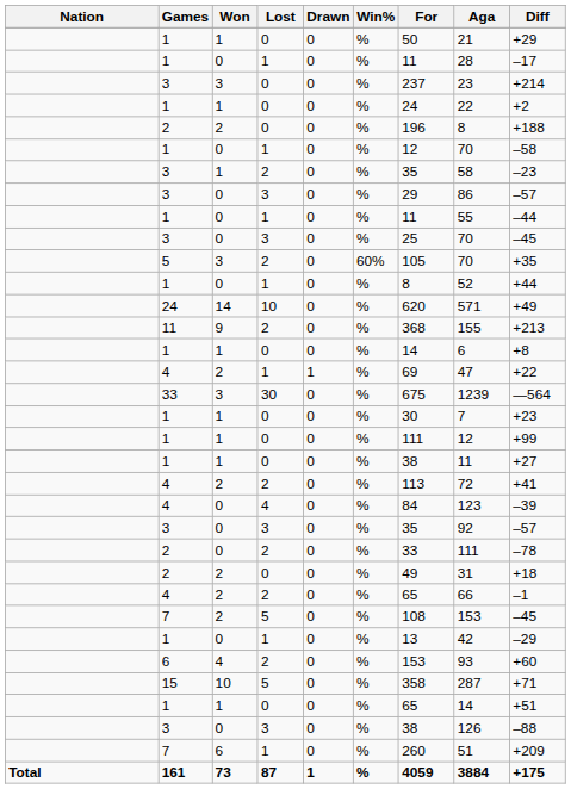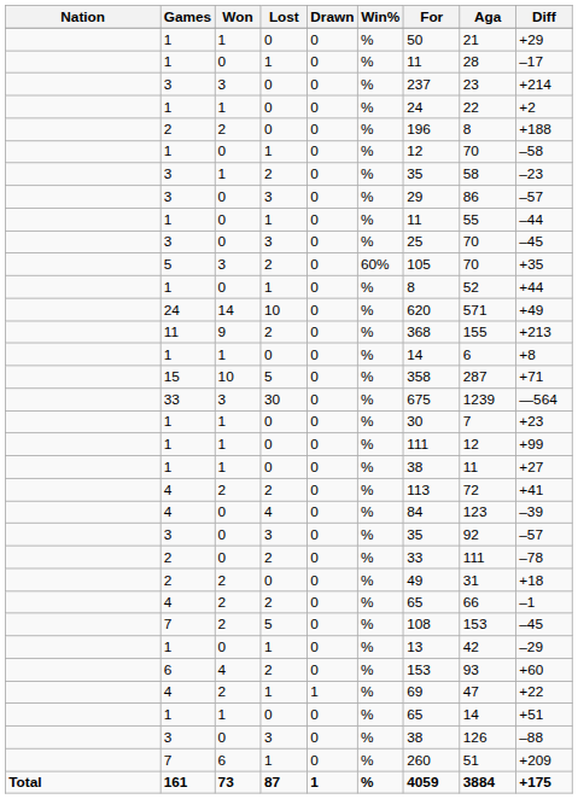 <table class="wikitable sortable" style="font-size:90%">
 <tr>
 <th width="150">Nation</th>
 <th width="40">Games</th>
 <th width="40">Won</th>
 <th width="40">Lost</th>
 <th width="40">Drawn</th>
 <th width="40">Win%</th>
 <th style="width:50px;">For</th>
 <th style="width:50px;">Aga</th>
 <th style="width:50px;">Diff</th>
 </tr>
 <tr bgcolor="#d0ffd0" align="center">
 </tr>
 <tr>
 <td align="left"></td>
 <td>1</td>
 <td>1</td>
 <td>0</td>
 <td>0</td>
 <td>%</td>
 <td>50</td>
 <td>21</td>
 <td>+29</td>
 </tr>
 <tr>
 <td align="left"></td>
 <td>1</td>
 <td>0</td>
 <td>1</td>
 <td>0</td>
 <td>%</td>
 <td>11</td>
 <td>28</td>
 <td>–17</td>
 </tr>
 <tr>
 <td align="left"></td>
 <td>3</td>
 <td>3</td>
 <td>0</td>
 <td>0</td>
 <td>%</td>
 <td>237</td>
 <td>23</td>
 <td>+214</td>
 </tr>
 <tr>
 <td align="left"></td>
 <td>1</td>
 <td>1</td>
 <td>0</td>
 <td>0</td>
 <td>%</td>
 <td>24</td>
 <td>22</td>
 <td>+2</td>
 </tr>
 <tr>
 <td align="left"></td>
 <td>2</td>
 <td>2</td>
 <td>0</td>
 <td>0</td>
 <td>%</td>
 <td>196</td>
 <td>8</td>
 <td>+188</td>
 </tr>
 <tr>
 <td align="left"></td>
 <td>1</td>
 <td>0</td>
 <td>1</td>
 <td>0</td>
 <td>%</td>
 <td>12</td>
 <td>70</td>
 <td>–58</td>
 </tr>
 <tr>
 <td align="left"></td>
 <td>3</td>
 <td>1</td>
 <td>2</td>
 <td>0</td>
 <td>%</td>
 <td>35</td>
 <td>58</td>
 <td>–23</td>
 </tr>
 <tr>
 <td align="left"></td>
 <td>3</td>
 <td>0</td>
 <td>3</td>
 <td>0</td>
 <td>%</td>
 <td>29</td>
 <td>86</td>
 <td>–57</td>
 </tr>
 <tr>
 <td align="left"></td>
 <td>1</td>
 <td>0</td>
 <td>1</td>
 <td>0</td>
 <td>%</td>
 <td>11</td>
 <td>55</td>
 <td>–44</td>
 </tr>
 <tr>
 <td align="left"></td>
 <td>3</td>
 <td>0</td>
 <td>3</td>
 <td>0</td>
 <td>%</td>
 <td>25</td>
 <td>70</td>
 <td>–45</td>
 </tr>
 <tr>
 <td align="left"></td>
 <td>5</td>
 <td>3</td>
 <td>2</td>
 <td>0</td>
 <td>60%</td>
 <td>105</td>
 <td>70</td>
 <td>+35</td>
 </tr>
 <tr>
 <td align="left"></td>
 <td>1</td>
 <td>0</td>
 <td>1</td>
 <td>0</td>
 <td>%</td>
 <td>8</td>
 <td>52</td>
 <td>+44</td>
 </tr>
 <tr>
 <td align="left"></td>
 <td>24</td>
 <td>14</td>
 <td>10</td>
 <td>0</td>
 <td>%</td>
 <td>620</td>
 <td>571</td>
 <td>+49</td>
 </tr>
 <tr>
 <td align="left"></td>
 <td>11</td>
 <td>9</td>
 <td>2</td>
 <td>0</td>
 <td>%</td>
 <td>368</td>
 <td>155</td>
 <td>+213</td>
 </tr>
 <tr>
 <td align="left"></td>
 <td>1</td>
 <td>1</td>
 <td>0</td>
 <td>0</td>
 <td>%</td>
 <td>14</td>
 <td>6</td>
 <td>+8</td>
 </tr>
 <tr>
 <td align="left"></td>
-<td>4</td>
-<td>2</td>
-<td>1</td>
-<td>1</td>
+<td>15</td>
+<td>10</td>
+<td>5</td>
+<td>0</td>
 <td>%</td>
-<td>69</td>
-<td>47</td>
-<td>+22</td>
+<td>358</td>
+<td>287</td>
+<td>+71</td>
 </tr>
 <tr>
 <td align="left"></td>
 <td>33</td>
 <td>3</td>
 <td>30</td>
 <td>0</td>
 <td>%</td>
 <td>675</td>
 <td>1239</td>
 <td>—564</td>
 </tr>
 <tr>
 <td align="left"></td>
 <td>1</td>
 <td>1</td>
 <td>0</td>
 <td>0</td>
 <td>%</td>
 <td>30</td>
 <td>7</td>
 <td>+23</td>
 </tr>
 <tr>
 <td align="left"></td>
 <td>1</td>
 <td>1</td>
 <td>0</td>
 <td>0</td>
 <td>%</td>
 <td>111</td>
 <td>12</td>
 <td>+99</td>
 </tr>
 <tr>
 <td align="left"></td>
 <td>1</td>
 <td>1</td>
 <td>0</td>
 <td>0</td>
 <td>%</td>
 <td>38</td>
 <td>11</td>
 <td>+27</td>
 </tr>
 <tr>
 <td align="left"></td>
 <td>4</td>
 <td>2</td>
 <td>2</td>
 <td>0</td>
 <td>%</td>
 <td>113</td>
 <td>72</td>
 <td>+41</td>
 </tr>
 <tr>
 <td align="left"></td>
 <td>4</td>
 <td>0</td>
 <td>4</td>
 <td>0</td>
 <td>%</td>
 <td>84</td>
 <td>123</td>
 <td>–39</td>
 </tr>
 <tr>
 <td align="left"></td>
 <td>3</td>
 <td>0</td>
 <td>3</td>
 <td>0</td>
 <td>%</td>
 <td>35</td>
 <td>92</td>
 <td>–57</td>
 </tr>
 <tr>
 <td align="left"></td>
 <td>2</td>
 <td>0</td>
 <td>2</td>
 <td>0</td>
 <td>%</td>
 <td>33</td>
 <td>111</td>
 <td>–78</td>
 </tr>
 <tr>
 <td align="left"></td>
 <td>2</td>
 <td>2</td>
 <td>0</td>
 <td>0</td>
 <td>%</td>
 <td>49</td>
 <td>31</td>
 <td>+18</td>
 </tr>
 <tr>
 <td align="left"></td>
 <td>4</td>
 <td>2</td>
 <td>2</td>
 <td>0</td>
 <td>%</td>
 <td>65</td>
 <td>66</td>
 <td>–1</td>
 </tr>
 <tr>
 <td align="left"></td>
 <td>7</td>
 <td>2</td>
 <td>5</td>
 <td>0</td>
 <td>%</td>
 <td>108</td>
 <td>153</td>
 <td>–45</td>
 </tr>
 <tr>
 <td align="left"></td>
 <td>1</td>
 <td>0</td>
 <td>1</td>
 <td>0</td>
 <td>%</td>
 <td>13</td>
 <td>42</td>
 <td>–29</td>
 </tr>
 <tr>
 <td align="left"></td>
 <td>6</td>
 <td>4</td>
 <td>2</td>
 <td>0</td>
 <td>%</td>
 <td>153</td>
 <td>93</td>
 <td>+60</td>
 </tr>
 <tr>
 <td align="left"></td>
-<td>15</td>
-<td>10</td>
-<td>5</td>
-<td>0</td>
+<td>4</td>
+<td>2</td>
+<td>1</td>
+<td>1</td>
 <td>%</td>
-<td>358</td>
-<td>287</td>
-<td>+71</td>
+<td>69</td>
+<td>47</td>
+<td>+22</td>
 </tr>
 <tr>
 <td align="left"></td>
 <td>1</td>
 <td>1</td>
 <td>0</td>
 <td>0</td>
 <td>%</td>
 <td>65</td>
 <td>14</td>
 <td>+51</td>
 </tr>
 <tr>
 <td align="left"></td>
 <td>3</td>
 <td>0</td>
 <td>3</td>
 <td>0</td>
 <td>%</td>
 <td>38</td>
 <td>126</td>
 <td>–88</td>
 </tr>
 <tr>
 <td align="left"></td>
 <td>7</td>
 <td>6</td>
 <td>1</td>
 <td>0</td>
 <td>%</td>
 <td>260</td>
 <td>51</td>
 <td>+209</td>
 </tr>
 <tr>
 <td align="left"><strong>Total</strong></td>
 <td><strong>161</strong></td>
 <td><strong>73</strong></td>
 <td><strong>87</strong></td>
 <td><strong>1</strong></td>
 <td><strong>%</strong></td>
 <td><strong>4059</strong></td>
 <td><strong>3884</strong></td>
 <td><strong>+175</strong></td>
 </tr>
 </table>
